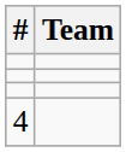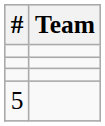 <table class="wikitable">
 <tr>
 <th>#</th>
 <th>Team</th>
 </tr>
 <tr>
 <td></td>
 <td></td>
 </tr>
 <tr>
 <td></td>
 <td></td>
 </tr>
 <tr>
 <td></td>
 <td></td>
 </tr>
 <tr>
-<td>4</td>
+<td>5</td>
 <td></td>
 </tr>
 </table>
